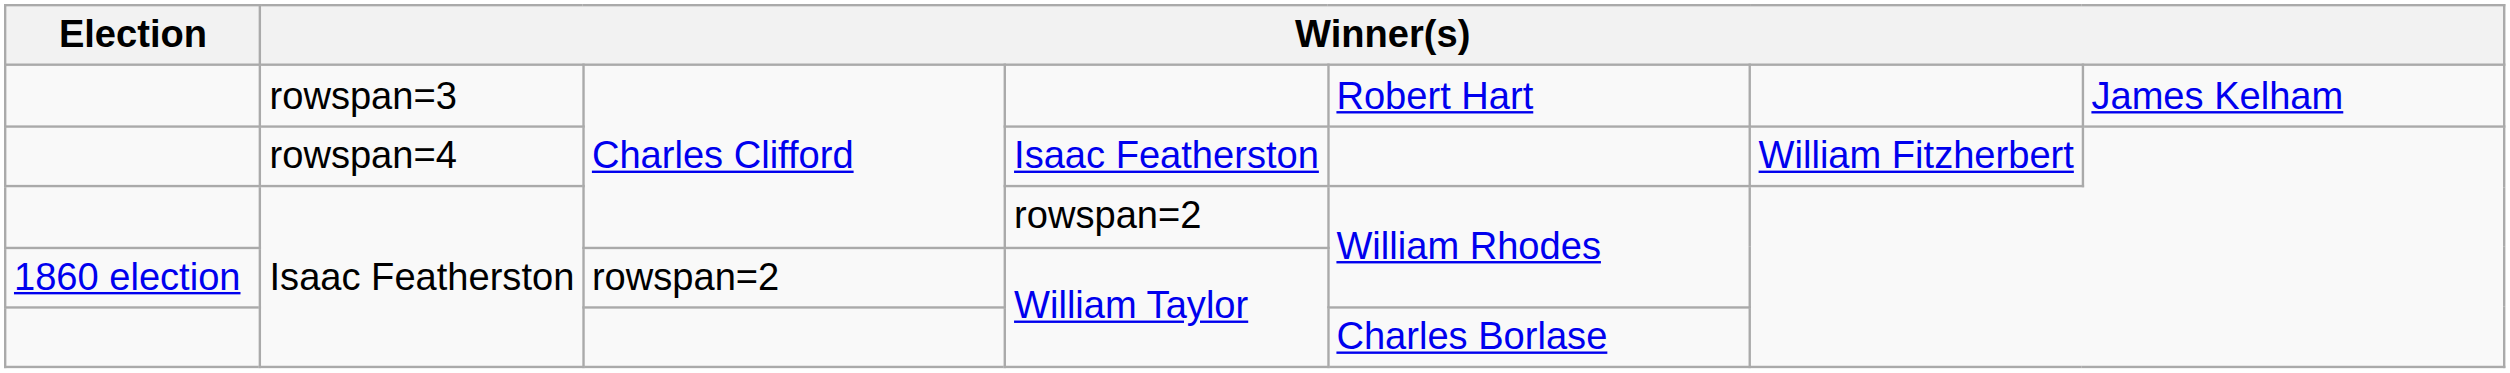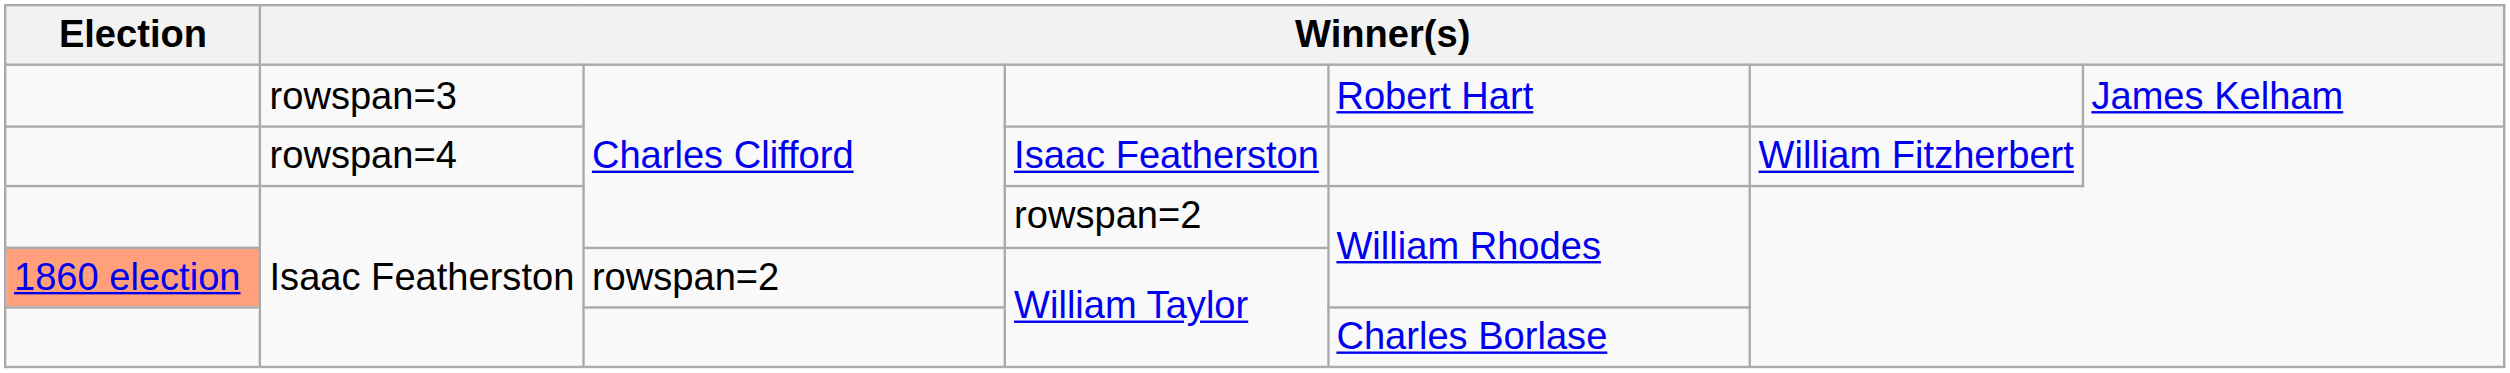 <table class=wikitable>
 <tr>
 <th width=100>Election</th>
 <th colspan=6>Winner(s)</th>
 </tr>
 <tr>
 <td></td>
 <td>rowspan=3 </td>
 <td width=170 rowspan=3><a href='#'>Charles Clifford</a></td>
 <td></td>
 <td width=170><a href='#'>Robert Hart</a></td>
 <td></td>
 <td width=170><a href='#'>James Kelham</a></td>
 </tr>
 <tr>
 <td></td>
 <td>rowspan=4 </td>
 <td><a href='#'>Isaac Featherston</a></td>
 <td></td>
 <td><a href='#'>William Fitzherbert</a></td>
 </tr>
 <tr>
 <td></td>
 <td rowspan=3>Isaac Featherston</td>
 <td>rowspan=2 </td>
 <td rowspan=2><a href='#'>William Rhodes</a></td>
 </tr>
 <tr>
-<td><a href='#'>1860 election</a></td>
+<td style="background: lightsalmon;"><a href='#'>1860 election</a></td>
 <td>rowspan=2 </td>
 <td rowspan=2><a href='#'>William Taylor</a></td>
 </tr>
 <tr>
 <td></td>
 <td></td>
 <td><a href='#'>Charles Borlase</a></td>
 </tr>
 </table>
